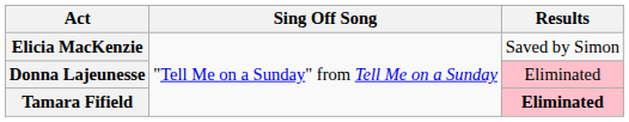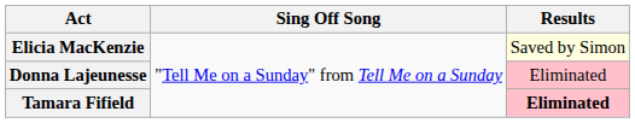 <table class="wikitable plainrowheaders" style="text-align:center;">
 <tr>
 <th scope="col">Act</th>
 <th scope="col">Sing Off Song</th>
 <th scope="col">Results</th>
 </tr>
 <tr>
 <th scope="row">Elicia MacKenzie</th>
 <td rowspan="3">"<a href='#'>Tell Me on a Sunday</a>" from <em><a href='#'>Tell Me on a Sunday</a></em></td>
-<td>Saved by Simon</td>
+<td style="background: lightyellow;">Saved by Simon</td>
 </tr>
 <tr>
 <th scope="row">Donna Lajeunesse</th>
 <td style="background:pink;">Eliminated</td>
 </tr>
 <tr>
 <th scope="row">Tamara Fifield</th>
 <td style="background:pink;"><strong>Eliminated</strong></td>
 </tr>
 </table>
